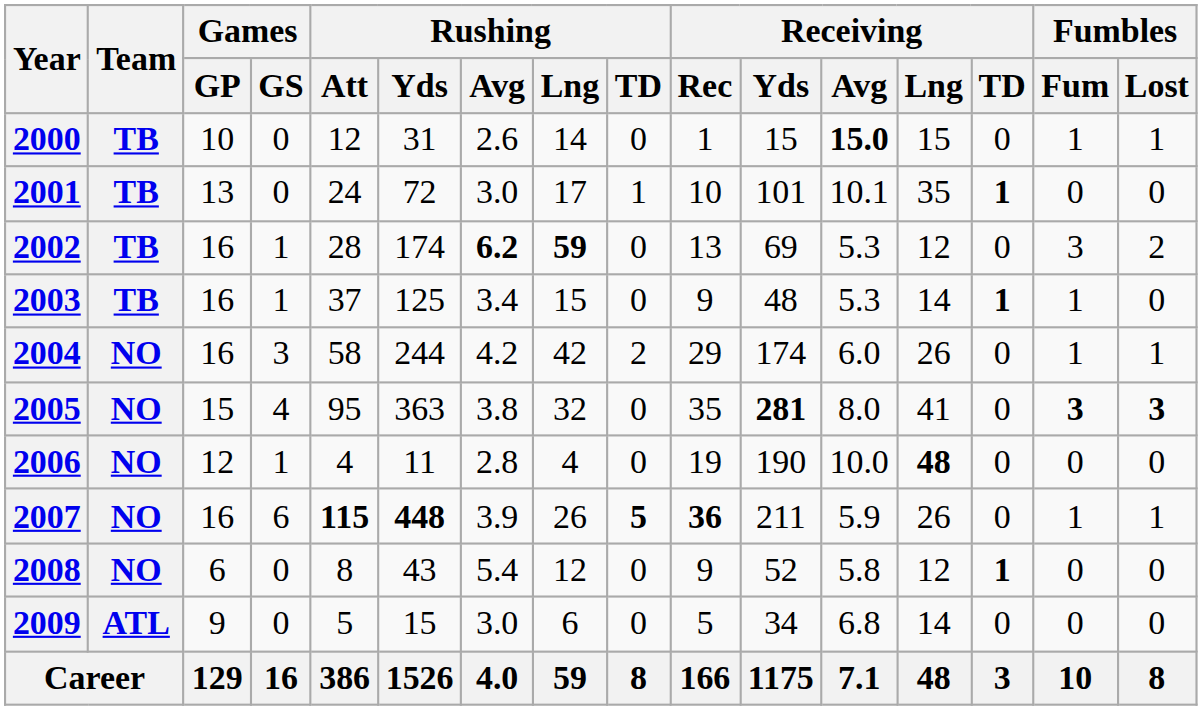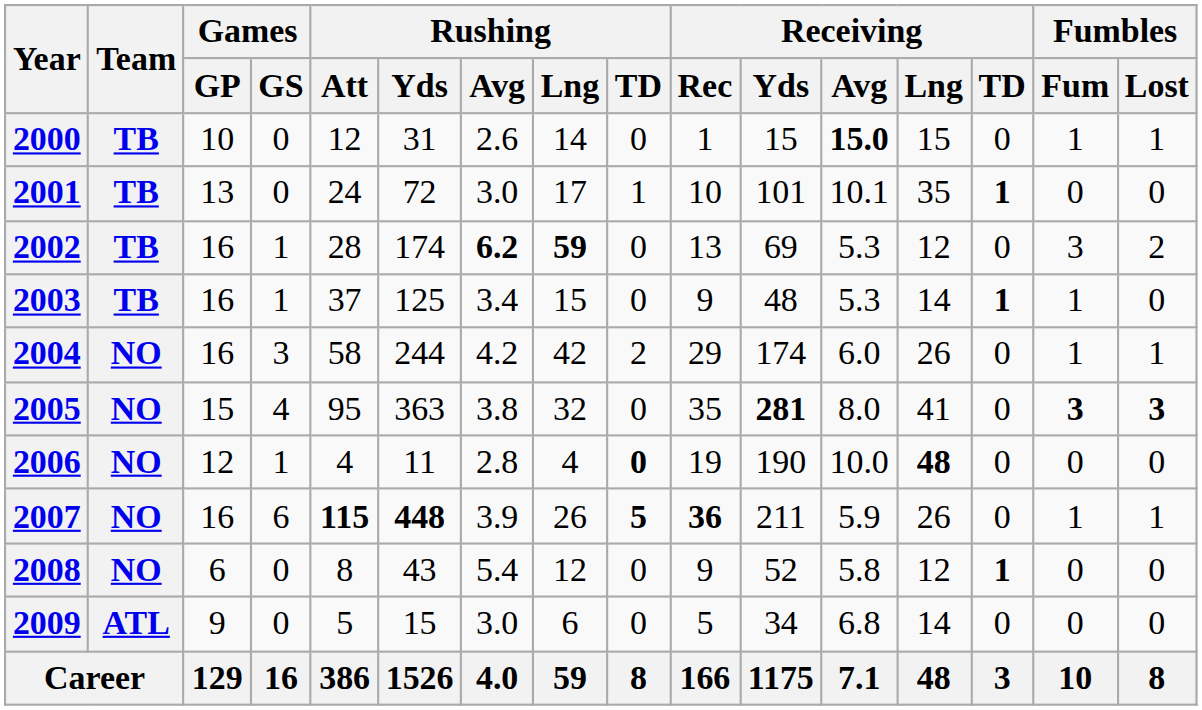 <table class="wikitable" style="text-align:center">
 <tr>
 <th rowspan="2">Year</th>
 <th rowspan="2">Team</th>
 <th colspan="2">Games</th>
 <th colspan="5">Rushing</th>
 <th colspan="5">Receiving</th>
 <th colspan="2">Fumbles</th>
 </tr>
 <tr>
 <th>GP</th>
 <th>GS</th>
 <th>Att</th>
 <th>Yds</th>
 <th>Avg</th>
 <th>Lng</th>
 <th>TD</th>
 <th>Rec</th>
 <th>Yds</th>
 <th>Avg</th>
 <th>Lng</th>
 <th>TD</th>
 <th>Fum</th>
 <th>Lost</th>
 </tr>
 <tr>
 <th><a href='#'>2000</a></th>
 <th><a href='#'>TB</a></th>
 <td>10</td>
 <td>0</td>
 <td>12</td>
 <td>31</td>
 <td>2.6</td>
 <td>14</td>
 <td>0</td>
 <td>1</td>
 <td>15</td>
 <td><strong>15.0</strong></td>
 <td>15</td>
 <td>0</td>
 <td>1</td>
 <td>1</td>
 </tr>
 <tr>
 <th><a href='#'>2001</a></th>
 <th><a href='#'>TB</a></th>
 <td>13</td>
 <td>0</td>
 <td>24</td>
 <td>72</td>
 <td>3.0</td>
 <td>17</td>
 <td>1</td>
 <td>10</td>
 <td>101</td>
 <td>10.1</td>
 <td>35</td>
 <td><strong>1</strong></td>
 <td>0</td>
 <td>0</td>
 </tr>
 <tr>
 <th><a href='#'>2002</a></th>
 <th><a href='#'>TB</a></th>
 <td>16</td>
 <td>1</td>
 <td>28</td>
 <td>174</td>
 <td><strong>6.2</strong></td>
 <td><strong>59</strong></td>
 <td>0</td>
 <td>13</td>
 <td>69</td>
 <td>5.3</td>
 <td>12</td>
 <td>0</td>
 <td>3</td>
 <td>2</td>
 </tr>
 <tr>
 <th><a href='#'>2003</a></th>
 <th><a href='#'>TB</a></th>
 <td>16</td>
 <td>1</td>
 <td>37</td>
 <td>125</td>
 <td>3.4</td>
 <td>15</td>
 <td>0</td>
 <td>9</td>
 <td>48</td>
 <td>5.3</td>
 <td>14</td>
 <td><strong>1</strong></td>
 <td>1</td>
 <td>0</td>
 </tr>
 <tr>
 <th><a href='#'>2004</a></th>
 <th><a href='#'>NO</a></th>
 <td>16</td>
 <td>3</td>
 <td>58</td>
 <td>244</td>
 <td>4.2</td>
 <td>42</td>
 <td>2</td>
 <td>29</td>
 <td>174</td>
 <td>6.0</td>
 <td>26</td>
 <td>0</td>
 <td>1</td>
 <td>1</td>
 </tr>
 <tr>
 <th><a href='#'>2005</a></th>
 <th><a href='#'>NO</a></th>
 <td>15</td>
 <td>4</td>
 <td>95</td>
 <td>363</td>
 <td>3.8</td>
 <td>32</td>
 <td>0</td>
 <td>35</td>
 <td><strong>281</strong></td>
 <td>8.0</td>
 <td>41</td>
 <td>0</td>
 <td><strong>3</strong></td>
 <td><strong>3</strong></td>
 </tr>
 <tr>
 <th><a href='#'>2006</a></th>
 <th><a href='#'>NO</a></th>
 <td>12</td>
 <td>1</td>
 <td>4</td>
 <td>11</td>
 <td>2.8</td>
 <td>4</td>
-<td>0</td>
+<td><strong>0</strong></td>
 <td>19</td>
 <td>190</td>
 <td>10.0</td>
 <td><strong>48</strong></td>
 <td>0</td>
 <td>0</td>
 <td>0</td>
 </tr>
 <tr>
 <th><a href='#'>2007</a></th>
 <th><a href='#'>NO</a></th>
 <td>16</td>
 <td>6</td>
 <td><strong>115</strong></td>
 <td><strong>448</strong></td>
 <td>3.9</td>
 <td>26</td>
 <td><strong>5</strong></td>
 <td><strong>36</strong></td>
 <td>211</td>
 <td>5.9</td>
 <td>26</td>
 <td>0</td>
 <td>1</td>
 <td>1</td>
 </tr>
 <tr>
 <th><a href='#'>2008</a></th>
 <th><a href='#'>NO</a></th>
 <td>6</td>
 <td>0</td>
 <td>8</td>
 <td>43</td>
 <td>5.4</td>
 <td>12</td>
 <td>0</td>
 <td>9</td>
 <td>52</td>
 <td>5.8</td>
 <td>12</td>
 <td><strong>1</strong></td>
 <td>0</td>
 <td>0</td>
 </tr>
 <tr>
 <th><a href='#'>2009</a></th>
 <th><a href='#'>ATL</a></th>
 <td>9</td>
 <td>0</td>
 <td>5</td>
 <td>15</td>
 <td>3.0</td>
 <td>6</td>
 <td>0</td>
 <td>5</td>
 <td>34</td>
 <td>6.8</td>
 <td>14</td>
 <td>0</td>
 <td>0</td>
 <td>0</td>
 </tr>
 <tr>
 <th colspan="2">Career</th>
 <th>129</th>
 <th>16</th>
 <th>386</th>
 <th>1526</th>
 <th>4.0</th>
 <th>59</th>
 <th>8</th>
 <th>166</th>
 <th>1175</th>
 <th>7.1</th>
 <th>48</th>
 <th>3</th>
 <th>10</th>
 <th>8</th>
 </tr>
 </table>
